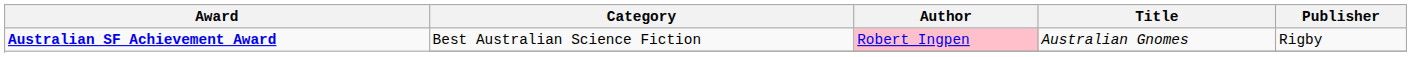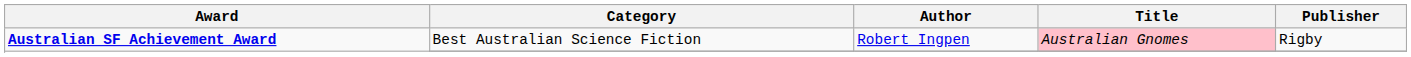 <table class="wikitable" width=100%>
 <tr>
 <th>Award</th>
 <th>Category</th>
 <th>Author</th>
 <th>Title</th>
 <th>Publisher</th>
 </tr>
 <tr>
 <td rowspan=2><strong><a href='#'> Australian SF Achievement Award</a></strong></td>
 <td>Best Australian Science Fiction</td>
-<td style="background: pink;"><a href='#'>Robert Ingpen</a></td>
-<td><em>Australian Gnomes</em></td>
+<td><a href='#'>Robert Ingpen</a></td>
+<td style="background: pink;"><em>Australian Gnomes</em></td>
 <td>Rigby</td>
 </tr>
 <tr>
 </tr>
 </table>
